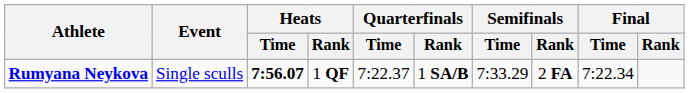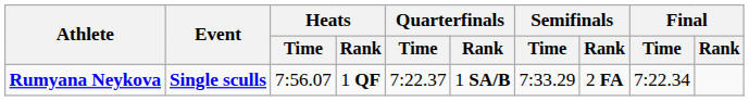 <table class="wikitable" style="font-size:90%">
 <tr>
 <th rowspan="2">Athlete</th>
 <th rowspan="2">Event</th>
 <th colspan="2">Heats</th>
 <th colspan="2">Quarterfinals</th>
 <th colspan="2">Semifinals</th>
 <th colspan="2">Final</th>
 </tr>
 <tr style="font-size:95%">
 <th>Time</th>
 <th>Rank</th>
 <th>Time</th>
 <th>Rank</th>
 <th>Time</th>
 <th>Rank</th>
 <th>Time</th>
 <th>Rank</th>
 </tr>
 <tr align=center>
 <td align=left><strong><a href='#'>Rumyana Neykova</a></strong></td>
-<td align=left><a href='#'>Single sculls</a></td>
-<td><strong>7:56.07</strong></td>
+<td align=left><strong><a href='#'>Single sculls</a></strong></td>
+<td>7:56.07</td>
 <td>1 <strong>QF</strong></td>
 <td>7:22.37</td>
 <td>1 <strong>SA/B</strong></td>
 <td>7:33.29</td>
 <td>2 <strong>FA</strong></td>
 <td>7:22.34</td>
 <td></td>
 </tr>
 </table>
